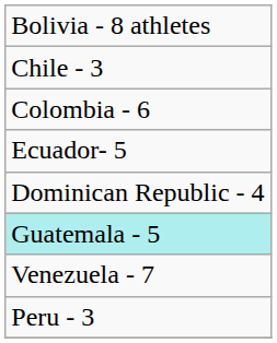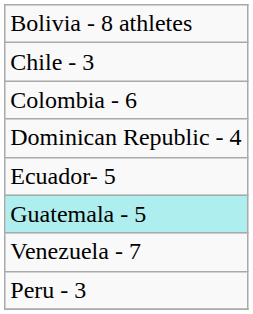 <table class=wikitable>
 <tr>
 <td> Bolivia - 8 athletes</td>
 </tr>
 <tr>
 <td> Chile -  3</td>
 </tr>
 <tr>
 <td align=left> Colombia - 6</td>
 </tr>
 <tr>
-<td align=left>  Ecuador-  5</td>
+<td align=left>  Dominican Republic -  4</td>
 </tr>
 <tr>
-<td align=left>  Dominican Republic -  4</td>
+<td align=left>  Ecuador-  5</td>
 </tr>
 <tr>
 <td align=left style="background: paleturquoise;"> Guatemala - 5</td>
 </tr>
 <tr>
 <td align=left> Venezuela - 7</td>
 </tr>
 <tr>
 <td align=left> Peru - 3</td>
 </tr>
 <tr>
 </tr>
 </table>
